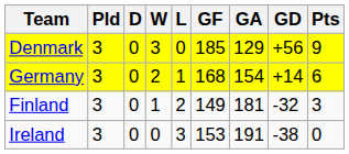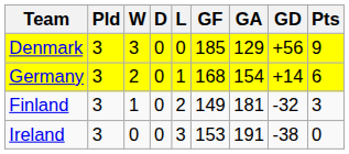 <table class="wikitable" border="1">
 <tr>
 <th>Team</th>
 <th>Pld</th>
+<th>W</th>
 <th>D</th>
-<th>W</th>
 <th>L</th>
 <th>GF</th>
 <th>GA</th>
 <th>GD</th>
 <th>Pts</th>
 </tr>
 <tr style="background:#ffff00">
 <td> <a href='#'>Denmark</a></td>
 <td>3</td>
+<td>3</td>
 <td>0</td>
-<td>3</td>
 <td>0</td>
 <td>185</td>
 <td>129</td>
 <td>+56</td>
 <td>9</td>
 </tr>
 <tr style="background:#ffff00">
 <td> <a href='#'>Germany</a></td>
 <td>3</td>
+<td>2</td>
 <td>0</td>
-<td>2</td>
 <td>1</td>
 <td>168</td>
 <td>154</td>
 <td>+14</td>
 <td>6</td>
 </tr>
 <tr>
 <td> <a href='#'>Finland</a></td>
 <td>3</td>
+<td>1</td>
 <td>0</td>
-<td>1</td>
 <td>2</td>
 <td>149</td>
 <td>181</td>
 <td>-32</td>
 <td>3</td>
 </tr>
 <tr>
 <td> <a href='#'>Ireland</a></td>
 <td>3</td>
 <td>0</td>
 <td>0</td>
 <td>3</td>
 <td>153</td>
 <td>191</td>
 <td>-38</td>
 <td>0</td>
 </tr>
 </table>
